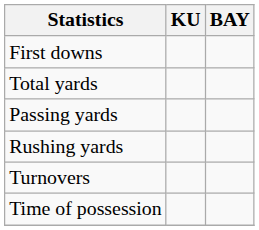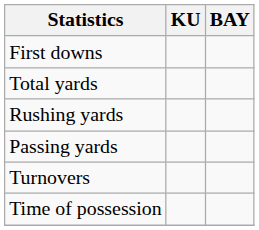 <table class="wikitable">
 <tr>
 <th>Statistics</th>
 <th>KU</th>
 <th>BAY</th>
 </tr>
 <tr>
 <td>First downs</td>
 <td></td>
 <td></td>
 </tr>
 <tr>
 <td>Total yards</td>
 <td></td>
 <td></td>
 </tr>
 <tr>
-<td>Passing yards</td>
+<td>Rushing yards</td>
 <td></td>
 <td></td>
 </tr>
 <tr>
-<td>Rushing yards</td>
+<td>Passing yards</td>
 <td></td>
 <td></td>
 </tr>
 <tr>
 <td>Turnovers</td>
 <td></td>
 <td></td>
 </tr>
 <tr>
 <td>Time of possession</td>
 <td></td>
 <td></td>
 </tr>
 <tr>
 </tr>
 </table>
